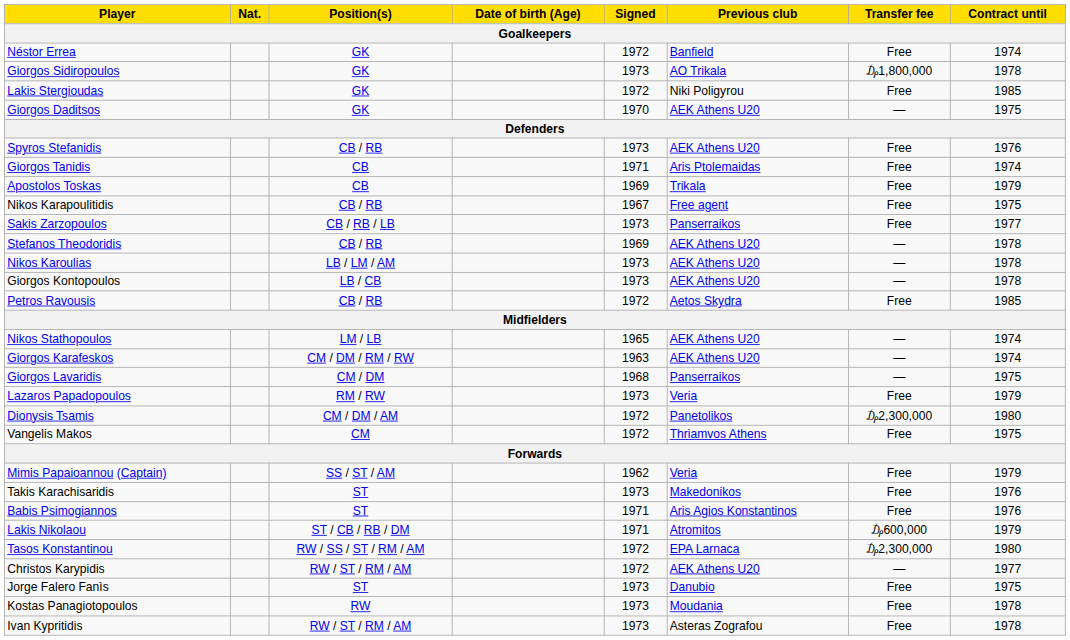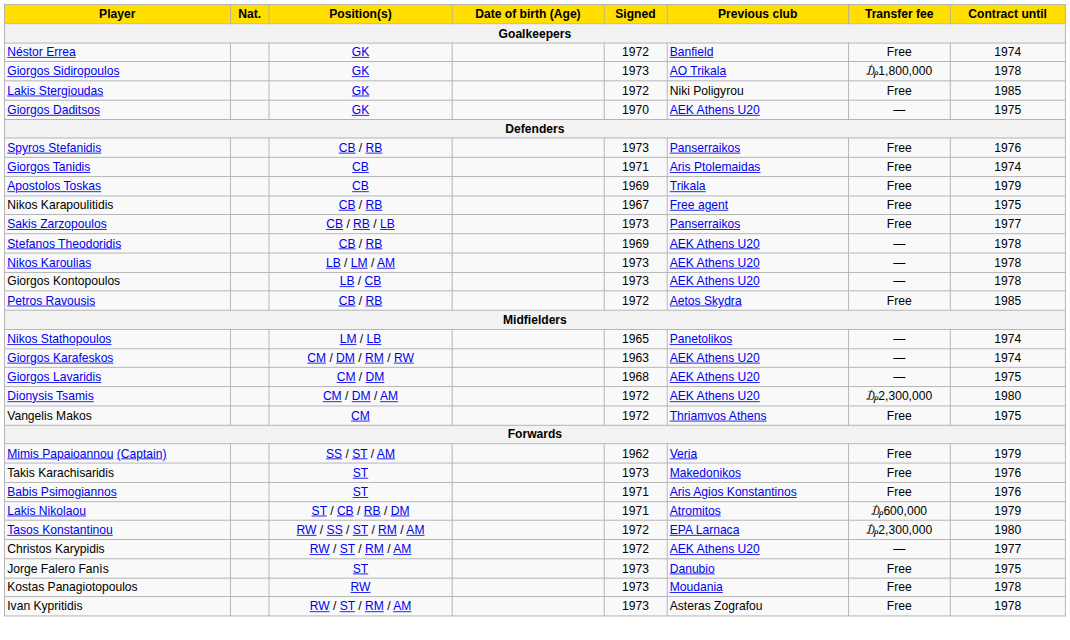 <table class="wikitable" style="text-align:center; font-size:90%;width:100%;">
 <tr>
 <th style="background:#FFDE00">Player</th>
 <th style="background:#FFDE00">Nat.</th>
 <th style="background:#FFDE00">Position(s)</th>
 <th style="background:#FFDE00">Date of birth (Age)</th>
 <th style="background:#FFDE00">Signed</th>
 <th style="background:#FFDE00">Previous club</th>
 <th style="background:#FFDE00">Transfer fee</th>
 <th style="background:#FFDE00">Contract until</th>
 </tr>
 <tr>
 <th colspan="8">Goalkeepers</th>
 </tr>
 <tr>
 <td align=left><a href='#'>Néstor Errea</a></td>
 <td></td>
 <td><a href='#'>GK</a></td>
 <td></td>
 <td>1972</td>
 <td align=left> <a href='#'>Banfield</a></td>
 <td>Free</td>
 <td>1974</td>
 </tr>
 <tr>
 <td align=left><a href='#'>Giorgos Sidiropoulos</a></td>
 <td></td>
 <td><a href='#'>GK</a></td>
 <td></td>
 <td>1973</td>
 <td align=left> <a href='#'>AO Trikala</a></td>
 <td>₯1,800,000</td>
 <td>1978</td>
 </tr>
 <tr>
 <td align=left><a href='#'>Lakis Stergioudas</a></td>
 <td></td>
 <td><a href='#'>GK</a></td>
 <td></td>
 <td>1972</td>
 <td align=left> Niki Poligyrou</td>
 <td>Free</td>
 <td>1985</td>
 </tr>
 <tr>
 <td align=left><a href='#'>Giorgos Daditsos</a></td>
 <td></td>
 <td><a href='#'>GK</a></td>
 <td></td>
 <td>1970</td>
 <td align=left> <a href='#'>AEK Athens U20</a></td>
 <td>—</td>
 <td>1975</td>
 </tr>
 <tr>
 <th colspan="8">Defenders</th>
 </tr>
 <tr>
 <td align=left><a href='#'>Spyros Stefanidis</a></td>
 <td></td>
 <td><a href='#'>CB</a> / <a href='#'>RB</a></td>
 <td></td>
 <td>1973</td>
-<td align=left> <a href='#'>AEK Athens U20</a></td>
+<td align=left> <a href='#'>Panserraikos</a></td>
 <td>Free</td>
 <td>1976</td>
 </tr>
 <tr>
 <td align=left><a href='#'>Giorgos Tanidis</a></td>
 <td></td>
 <td><a href='#'>CB</a></td>
 <td></td>
 <td>1971</td>
 <td align=left> <a href='#'>Aris Ptolemaidas</a></td>
 <td>Free</td>
 <td>1974</td>
 </tr>
 <tr>
 <td align=left><a href='#'>Apostolos Toskas</a></td>
 <td></td>
 <td><a href='#'>CB</a></td>
 <td></td>
 <td>1969</td>
 <td align=left> <a href='#'>Trikala</a></td>
 <td>Free</td>
 <td>1979</td>
 </tr>
 <tr>
 <td align=left>Nikos Karapoulitidis</td>
 <td></td>
 <td><a href='#'>CB</a> / <a href='#'>RB</a></td>
 <td></td>
 <td>1967</td>
 <td align=left><a href='#'>Free agent</a></td>
 <td>Free</td>
 <td>1975</td>
 </tr>
 <tr>
 <td align=left><a href='#'>Sakis Zarzopoulos</a></td>
 <td></td>
 <td><a href='#'>CB</a> / <a href='#'>RB</a> / <a href='#'>LB</a></td>
 <td></td>
 <td>1973</td>
 <td align=left> <a href='#'>Panserraikos</a></td>
 <td>Free</td>
 <td>1977</td>
 </tr>
 <tr>
 <td align=left><a href='#'>Stefanos Theodoridis</a></td>
 <td></td>
 <td><a href='#'>CB</a> / <a href='#'>RB</a></td>
 <td></td>
 <td>1969</td>
 <td align=left> <a href='#'>AEK Athens U20</a></td>
 <td>—</td>
 <td>1978</td>
 </tr>
 <tr>
 <td align=left><a href='#'>Nikos Karoulias</a></td>
 <td></td>
 <td><a href='#'>LB</a> / <a href='#'>LM</a> / <a href='#'>AM</a></td>
 <td></td>
 <td>1973</td>
 <td align=left> <a href='#'>AEK Athens U20</a></td>
 <td>—</td>
 <td>1978</td>
 </tr>
 <tr>
 <td align=left>Giorgos Kontopoulos</td>
 <td></td>
 <td><a href='#'>LB</a> / <a href='#'>CB</a></td>
 <td></td>
 <td>1973</td>
 <td align=left> <a href='#'>AEK Athens U20</a></td>
 <td>—</td>
 <td>1978</td>
 </tr>
 <tr>
 <td align=left><a href='#'>Petros Ravousis</a></td>
 <td></td>
 <td><a href='#'>CB</a> / <a href='#'>RB</a></td>
 <td></td>
 <td>1972</td>
 <td align=left> <a href='#'>Aetos Skydra</a></td>
 <td>Free</td>
 <td>1985</td>
 </tr>
 <tr>
 <th colspan="8">Midfielders</th>
 </tr>
 <tr>
 <td align=left><a href='#'>Nikos Stathopoulos</a></td>
 <td></td>
 <td><a href='#'>LM</a> / <a href='#'>LB</a></td>
 <td></td>
 <td>1965</td>
-<td align=left> <a href='#'>AEK Athens U20</a></td>
+<td align=left> <a href='#'>Panetolikos</a></td>
 <td>—</td>
 <td>1974</td>
 </tr>
 <tr>
 <td align=left><a href='#'>Giorgos Karafeskos</a></td>
 <td></td>
 <td><a href='#'>CM</a> / <a href='#'>DM</a> / <a href='#'>RM</a> / <a href='#'>RW</a></td>
 <td></td>
 <td>1963</td>
 <td align=left> <a href='#'>AEK Athens U20</a></td>
 <td>—</td>
 <td>1974</td>
 </tr>
 <tr>
 <td align=left><a href='#'>Giorgos Lavaridis</a></td>
 <td></td>
 <td><a href='#'>CM</a> / <a href='#'>DM</a></td>
 <td></td>
 <td>1968</td>
-<td align=left> <a href='#'>Panserraikos</a></td>
+<td align=left> <a href='#'>AEK Athens U20</a></td>
 <td>—</td>
 <td>1975</td>
-</tr>
-<tr>
-<td align=left><a href='#'>Lazaros Papadopoulos</a></td>
-<td></td>
-<td><a href='#'>RM</a> / <a href='#'>RW</a></td>
-<td></td>
-<td>1973</td>
-<td align=left> <a href='#'>Veria</a></td>
-<td>Free</td>
-<td>1979</td>
 </tr>
 <tr>
 <td align=left><a href='#'>Dionysis Tsamis</a></td>
 <td></td>
 <td><a href='#'>CM</a> / <a href='#'>DM</a> / <a href='#'>AM</a></td>
 <td></td>
 <td>1972</td>
-<td align=left> <a href='#'>Panetolikos</a></td>
+<td align=left> <a href='#'>AEK Athens U20</a></td>
 <td>₯2,300,000</td>
 <td>1980</td>
 </tr>
 <tr>
 <td align=left>Vangelis Makos</td>
 <td></td>
 <td><a href='#'>CM</a></td>
 <td></td>
 <td>1972</td>
 <td align=left> <a href='#'>Thriamvos Athens</a></td>
 <td>Free</td>
 <td>1975</td>
 </tr>
 <tr>
 <th colspan="8">Forwards</th>
 </tr>
 <tr>
 <td align=left><a href='#'>Mimis Papaioannou</a> <a href='#'>(Captain)</a></td>
 <td></td>
 <td><a href='#'>SS</a> / <a href='#'>ST</a> / <a href='#'>AM</a></td>
 <td></td>
 <td>1962</td>
 <td align=left> <a href='#'>Veria</a></td>
 <td>Free</td>
 <td>1979</td>
 </tr>
 <tr>
 <td align=left>Takis Karachisaridis</td>
 <td></td>
 <td><a href='#'>ST</a></td>
 <td></td>
 <td>1973</td>
 <td align=left> <a href='#'>Makedonikos</a></td>
 <td>Free</td>
 <td>1976</td>
 </tr>
 <tr>
 <td align=left><a href='#'>Babis Psimogiannos</a></td>
 <td></td>
 <td><a href='#'>ST</a></td>
 <td></td>
 <td>1971</td>
 <td align=left> <a href='#'>Aris Agios Konstantinos</a></td>
 <td>Free</td>
 <td>1976</td>
 </tr>
 <tr>
 <td align=left><a href='#'>Lakis Nikolaou</a></td>
 <td></td>
 <td><a href='#'>ST</a> / <a href='#'>CB</a> / <a href='#'>RB</a> / <a href='#'>DM</a></td>
 <td></td>
 <td>1971</td>
 <td align=left> <a href='#'>Atromitos</a></td>
 <td>₯600,000</td>
 <td>1979</td>
 </tr>
 <tr>
 <td align=left><a href='#'>Tasos Konstantinou</a></td>
 <td></td>
 <td><a href='#'>RW</a> / <a href='#'>SS</a> / <a href='#'>ST</a> / <a href='#'>RM</a> / <a href='#'>AM</a></td>
 <td></td>
 <td>1972</td>
 <td align=left> <a href='#'>EPA Larnaca</a></td>
 <td>₯2,300,000</td>
 <td>1980</td>
 </tr>
 <tr>
 <td align=left>Christos Karypidis</td>
 <td></td>
 <td><a href='#'>RW</a> / <a href='#'>ST</a> / <a href='#'>RM</a> / <a href='#'>AM</a></td>
 <td></td>
 <td>1972</td>
 <td align=left> <a href='#'>AEK Athens U20</a></td>
 <td>—</td>
 <td>1977</td>
 </tr>
 <tr>
 <td align=left>Jorge Falero Fanìs</td>
 <td></td>
 <td><a href='#'>ST</a></td>
 <td></td>
 <td>1973</td>
 <td align=left> <a href='#'>Danubio</a></td>
 <td>Free</td>
 <td>1975</td>
 </tr>
 <tr>
 <td align=left>Kostas Panagiotopoulos</td>
 <td></td>
 <td><a href='#'>RW</a></td>
 <td></td>
 <td>1973</td>
 <td align=left> <a href='#'>Moudania</a></td>
 <td>Free</td>
 <td>1978</td>
 </tr>
 <tr>
 <td align=left>Ivan Kypritidis</td>
 <td></td>
 <td><a href='#'>RW</a> / <a href='#'>ST</a> / <a href='#'>RM</a> / <a href='#'>AM</a></td>
 <td></td>
 <td>1973</td>
 <td align=left> Asteras Zografou</td>
 <td>Free</td>
 <td>1978</td>
 </tr>
 </table>
